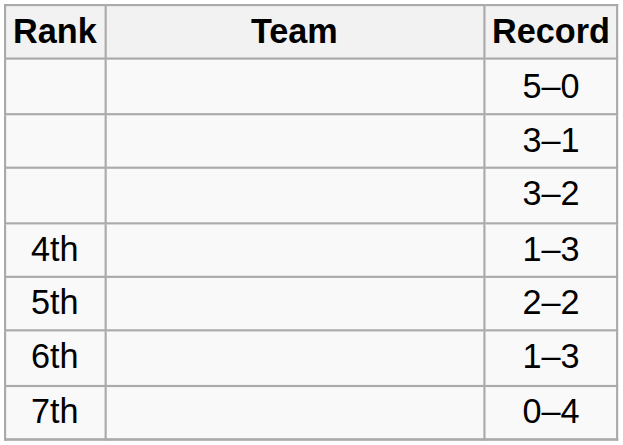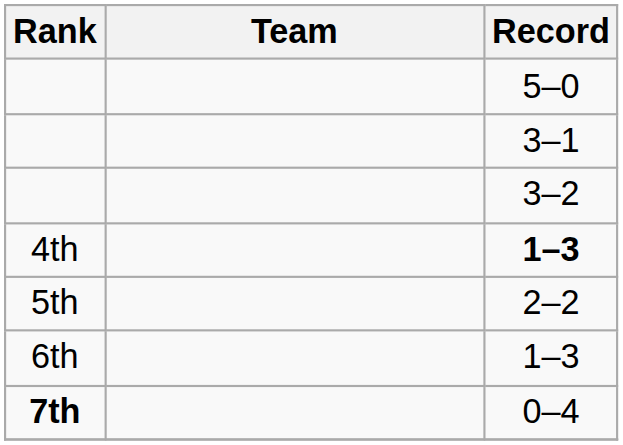 <table class=wikitable style="text-align:center;">
 <tr>
 <th>Rank</th>
 <th width=170>Team</th>
 <th>Record</th>
 </tr>
 <tr>
 <td></td>
 <td align=left></td>
 <td>5–0</td>
 </tr>
 <tr>
 <td></td>
 <td align=left></td>
 <td>3–1</td>
 </tr>
 <tr>
 <td></td>
 <td align=left></td>
 <td>3–2</td>
 </tr>
 <tr>
 <td>4th</td>
 <td align=left></td>
-<td>1–3</td>
+<td><strong>1–3</strong></td>
 </tr>
 <tr>
 <td>5th</td>
 <td align=left></td>
 <td>2–2</td>
 </tr>
 <tr>
 <td>6th</td>
 <td align=left></td>
 <td>1–3</td>
 </tr>
 <tr>
-<td>7th</td>
+<td><strong>7th</strong></td>
 <td align=left></td>
 <td>0–4</td>
 </tr>
 <tr>
 </tr>
 </table>
